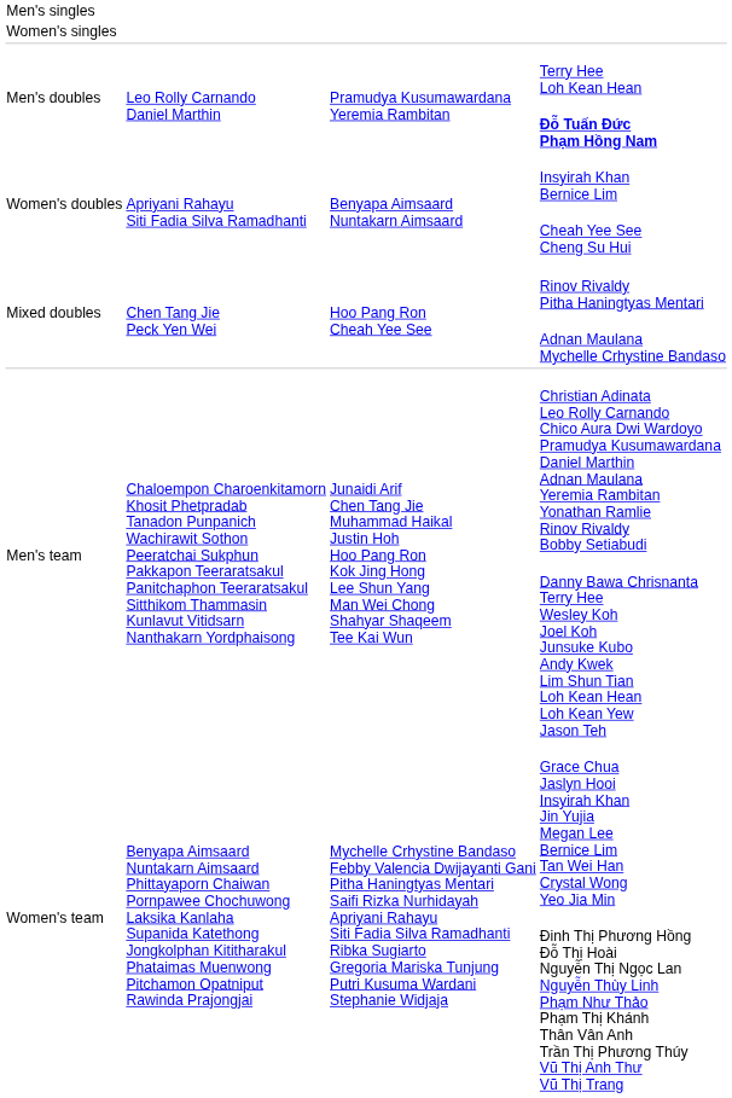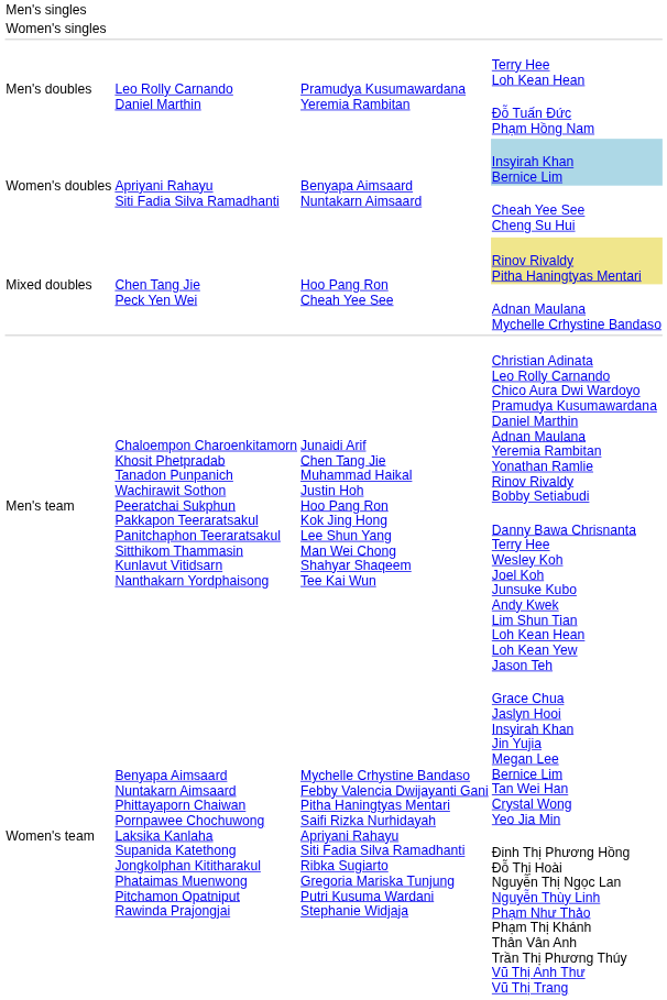 <table>
 <tr>
 <td rowspan=2>Men's singles<br></td>
 <td rowspan=2></td>
 <td rowspan=2></td>
 <td></td>
 </tr>
 <tr>
 <td></td>
 </tr>
 <tr>
 <td rowspan=2>Women's singles<br></td>
 <td rowspan=2></td>
 <td rowspan=2></td>
 <td></td>
 </tr>
 <tr>
 <td></td>
 </tr>
 <tr bgcolor=#dddddd>
 <td colspan=4></td>
 </tr>
 <tr>
 <td rowspan=2>Men's doubles<br></td>
 <td rowspan=2><br><a href='#'>Leo Rolly Carnando</a><br><a href='#'>Daniel Marthin</a></td>
 <td rowspan=2><br><a href='#'>Pramudya Kusumawardana</a><br><a href='#'>Yeremia Rambitan</a></td>
 <td><br><a href='#'>Terry Hee</a><br><a href='#'>Loh Kean Hean</a></td>
 </tr>
 <tr>
-<td><strong><br><a href='#'>Đỗ Tuấn Đức</a><br><a href='#'>Phạm Hồng Nam</a></strong></td>
+<td><br><a href='#'>Đỗ Tuấn Đức</a><br><a href='#'>Phạm Hồng Nam</a></td>
 </tr>
 <tr>
 <td rowspan=2>Women's doubles<br></td>
 <td rowspan=2><br><a href='#'>Apriyani Rahayu</a><br><a href='#'>Siti Fadia Silva Ramadhanti</a></td>
 <td rowspan=2><br><a href='#'>Benyapa Aimsaard</a><br><a href='#'>Nuntakarn Aimsaard</a></td>
-<td><br><a href='#'>Insyirah Khan</a><br><a href='#'>Bernice Lim</a></td>
+<td style="background: lightblue;"><br><a href='#'>Insyirah Khan</a><br><a href='#'>Bernice Lim</a></td>
 </tr>
 <tr>
 <td><br><a href='#'>Cheah Yee See</a><br><a href='#'>Cheng Su Hui</a></td>
 </tr>
 <tr>
 </tr>
 <tr>
 <td rowspan=2>Mixed doubles<br></td>
 <td rowspan=2><br><a href='#'>Chen Tang Jie</a><br><a href='#'>Peck Yen Wei</a></td>
 <td rowspan=2><br><a href='#'>Hoo Pang Ron</a><br><a href='#'>Cheah Yee See</a></td>
-<td><br><a href='#'>Rinov Rivaldy</a><br><a href='#'>Pitha Haningtyas Mentari</a></td>
+<td style="background: khaki;"><br><a href='#'>Rinov Rivaldy</a><br><a href='#'>Pitha Haningtyas Mentari</a></td>
 </tr>
 <tr>
 <td><br><a href='#'>Adnan Maulana</a><br><a href='#'>Mychelle Crhystine Bandaso</a></td>
 </tr>
 <tr bgcolor=#dddddd>
 <td colspan=4></td>
 </tr>
 <tr>
 <td rowspan=2>Men's team<br></td>
 <td rowspan=2><br><a href='#'>Chaloempon Charoenkitamorn</a><br><a href='#'>Khosit Phetpradab</a><br><a href='#'>Tanadon Punpanich</a><br><a href='#'>Wachirawit Sothon</a><br><a href='#'>Peeratchai Sukphun</a><br><a href='#'>Pakkapon Teeraratsakul</a><br><a href='#'>Panitchaphon Teeraratsakul</a><br><a href='#'>Sitthikom Thammasin</a><br><a href='#'>Kunlavut Vitidsarn</a><br><a href='#'>Nanthakarn Yordphaisong</a></td>
 <td rowspan=2><br><a href='#'>Junaidi Arif</a><br><a href='#'>Chen Tang Jie</a><br><a href='#'>Muhammad Haikal</a><br><a href='#'>Justin Hoh</a><br><a href='#'>Hoo Pang Ron</a><br><a href='#'>Kok Jing Hong</a><br><a href='#'>Lee Shun Yang</a><br><a href='#'>Man Wei Chong</a><br><a href='#'>Shahyar Shaqeem</a><br><a href='#'>Tee Kai Wun</a></td>
 <td><br><a href='#'>Christian Adinata</a><br><a href='#'>Leo Rolly Carnando</a><br><a href='#'>Chico Aura Dwi Wardoyo</a><br><a href='#'>Pramudya Kusumawardana</a><br><a href='#'>Daniel Marthin</a><br><a href='#'>Adnan Maulana</a><br><a href='#'>Yeremia Rambitan</a><br><a href='#'>Yonathan Ramlie</a><br><a href='#'>Rinov Rivaldy</a><br><a href='#'>Bobby Setiabudi</a></td>
 </tr>
 <tr>
 <td><br><a href='#'>Danny Bawa Chrisnanta</a><br><a href='#'>Terry Hee</a><br><a href='#'>Wesley Koh</a><br><a href='#'>Joel Koh</a><br><a href='#'>Junsuke Kubo</a><br><a href='#'>Andy Kwek</a><br><a href='#'>Lim Shun Tian</a><br><a href='#'>Loh Kean Hean</a><br><a href='#'>Loh Kean Yew</a><br><a href='#'>Jason Teh</a></td>
 </tr>
 <tr>
 <td rowspan=2>Women's team<br></td>
 <td rowspan=2><br><a href='#'>Benyapa Aimsaard</a><br><a href='#'>Nuntakarn Aimsaard</a><br><a href='#'>Phittayaporn Chaiwan</a><br><a href='#'>Pornpawee Chochuwong</a><br><a href='#'>Laksika Kanlaha</a><br><a href='#'>Supanida Katethong</a><br><a href='#'>Jongkolphan Kititharakul</a><br><a href='#'>Phataimas Muenwong</a><br><a href='#'>Pitchamon Opatniput</a><br><a href='#'>Rawinda Prajongjai</a></td>
 <td rowspan=2><br><a href='#'>Mychelle Crhystine Bandaso</a><br><a href='#'>Febby Valencia Dwijayanti Gani</a><br><a href='#'>Pitha Haningtyas Mentari</a><br><a href='#'>Saifi Rizka Nurhidayah</a><br><a href='#'>Apriyani Rahayu</a><br><a href='#'>Siti Fadia Silva Ramadhanti</a><br><a href='#'>Ribka Sugiarto</a><br><a href='#'>Gregoria Mariska Tunjung</a><br><a href='#'>Putri Kusuma Wardani</a><br><a href='#'>Stephanie Widjaja</a></td>
 <td><br><a href='#'>Grace Chua</a><br><a href='#'>Jaslyn Hooi</a><br><a href='#'>Insyirah Khan</a><br><a href='#'>Jin Yujia</a><br><a href='#'>Megan Lee</a><br><a href='#'>Bernice Lim</a><br><a href='#'>Tan Wei Han</a><br><a href='#'>Crystal Wong</a><br><a href='#'>Yeo Jia Min</a></td>
 </tr>
 <tr>
 <td><br>Đinh Thị Phương Hồng<br>Đỗ Thị Hoài<br>Nguyễn Thị Ngọc Lan<br><a href='#'>Nguyễn Thùy Linh</a><br><a href='#'>Phạm Như Thảo</a><br>Phạm Thị Khánh<br>Thân Vân Anh<br>Trần Thị Phương Thúy<br><a href='#'>Vũ Thị Anh Thư</a><br><a href='#'>Vũ Thị Trang</a></td>
 </tr>
 </table>
